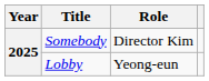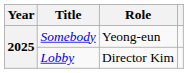 <table class="wikitable plainrowheaders sortable">
 <tr>
 <th scope="col">Year</th>
 <th scope="col">Title</th>
 <th scope="col">Role</th>
 <th scope="col" class="unsortable"></th>
 </tr>
 <tr>
 <th scope="row" rowspan="2">2025</th>
 <td><em><a href='#'>Somebody</a></em></td>
-<td>Director Kim</td>
+<td>Yeong-eun</td>
 <td style="text-align:center"></td>
 </tr>
 <tr>
 <td><em><a href='#'>Lobby</a></em></td>
-<td>Yeong-eun</td>
+<td>Director Kim</td>
 <td style="text-align:center"></td>
 </tr>
 </table>
